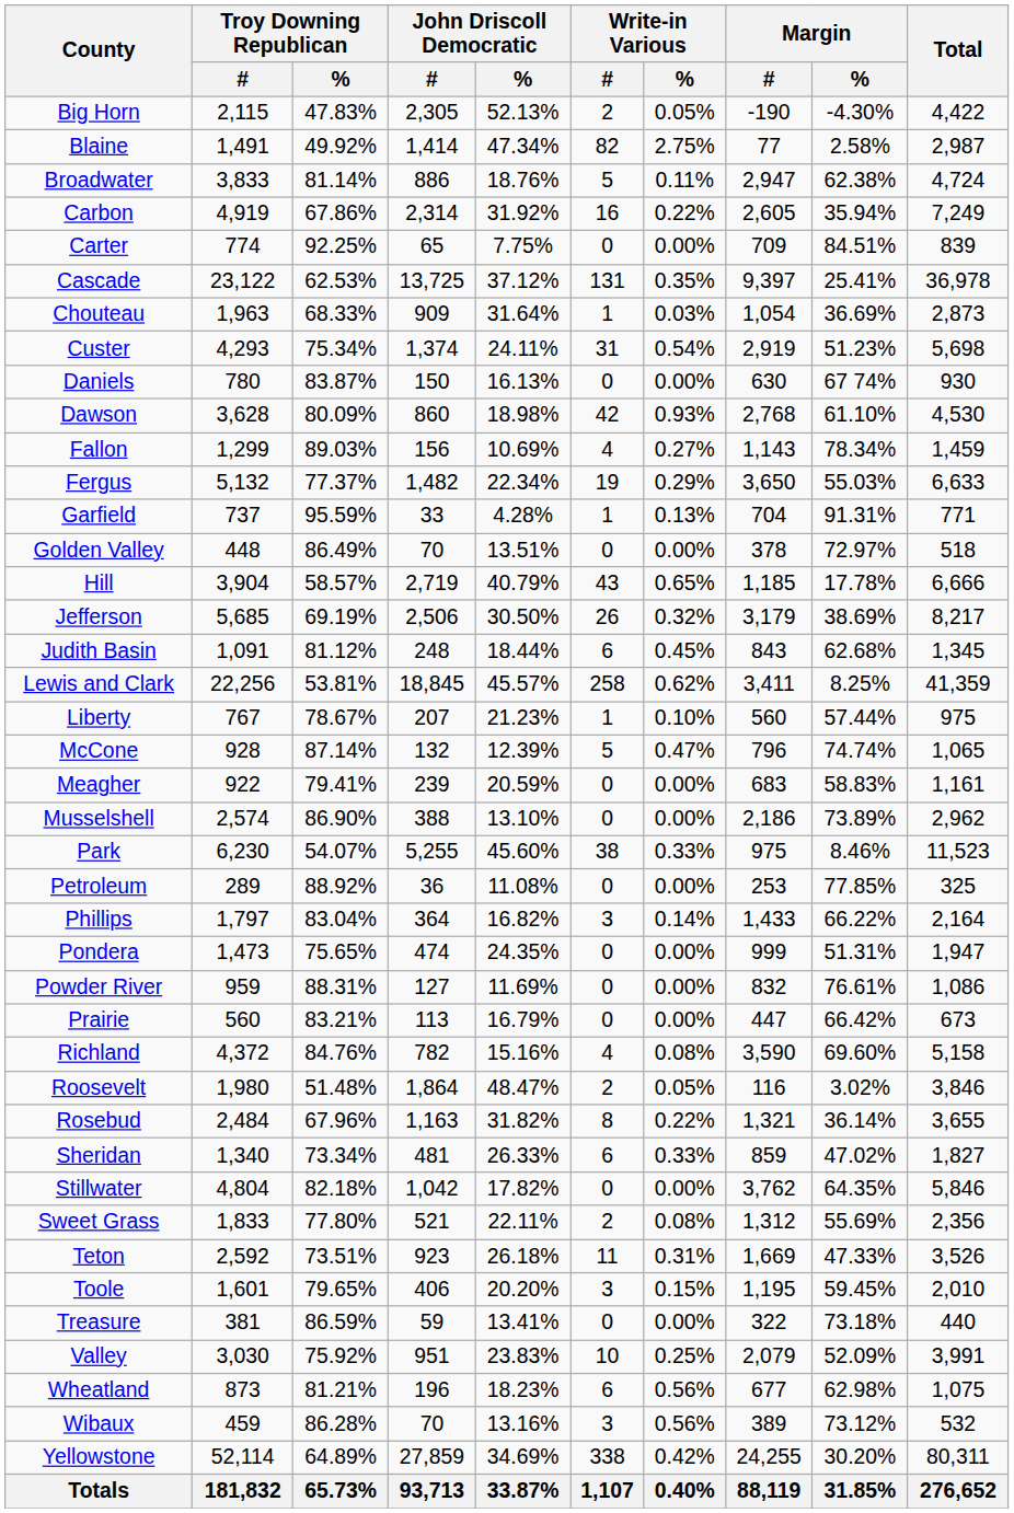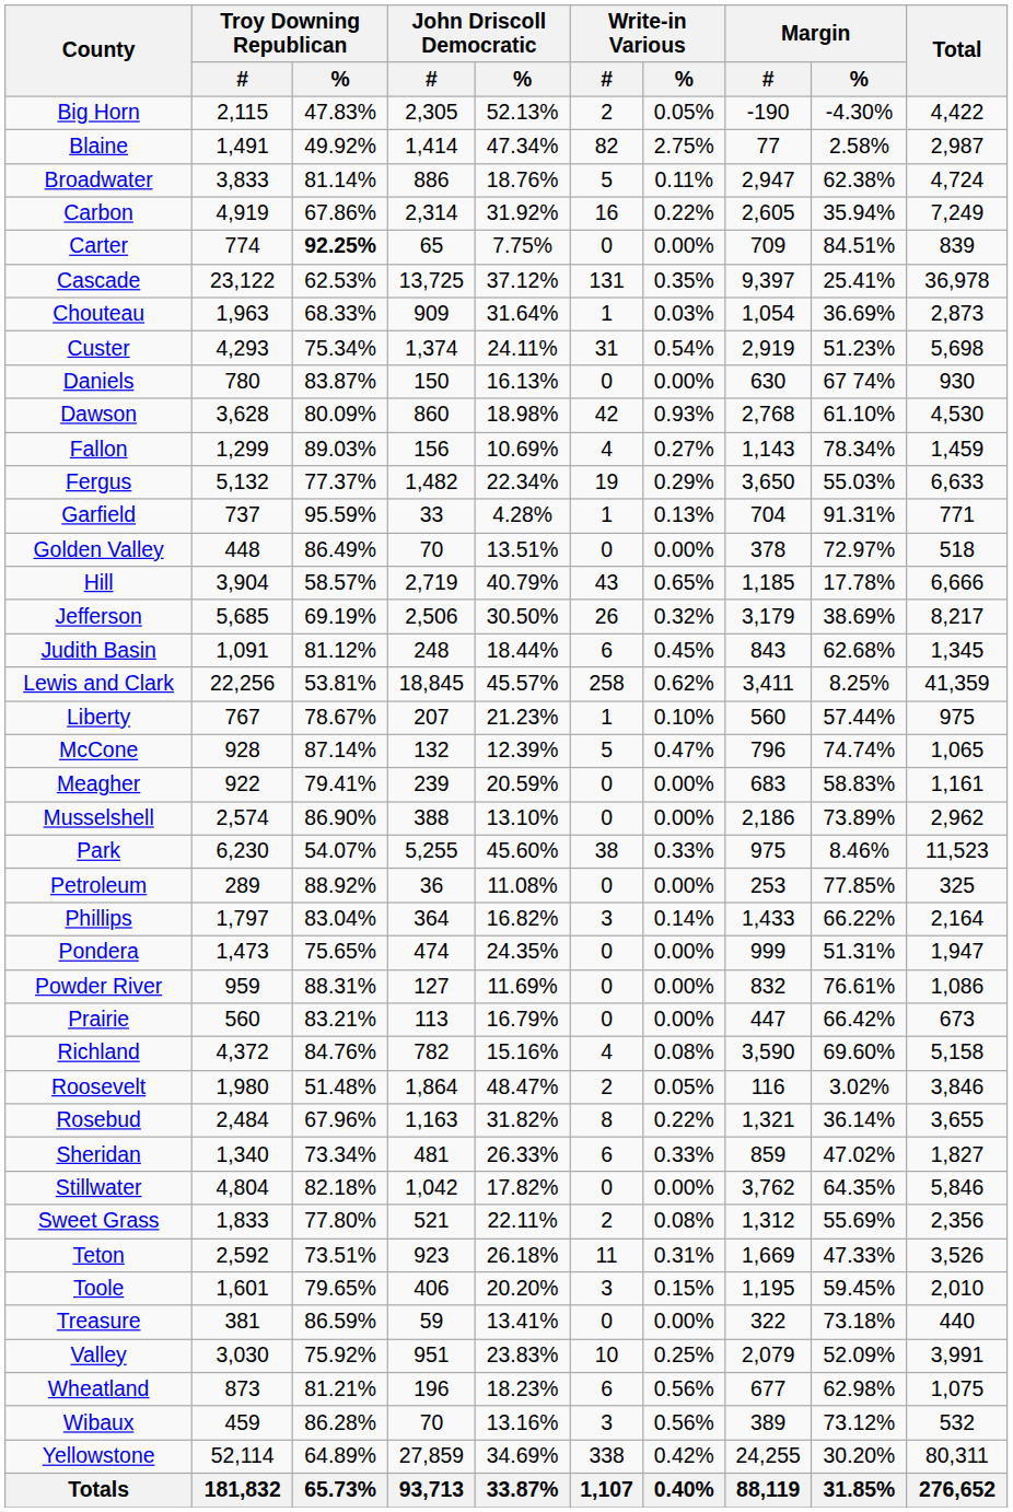 <table width="60%"  class="wikitable sortable" style="text-align:center">
 <tr>
 <th rowspan="2">County</th>
 <th colspan="2">Troy Downing<br>Republican</th>
 <th colspan="2">John Driscoll<br>Democratic</th>
 <th colspan="2">Write-in<br>Various</th>
 <th colspan="2">Margin</th>
 <th rowspan="2">Total</th>
 </tr>
 <tr>
 <th style="text-align:center;" data-sort-type="number">#</th>
 <th style="text-align:center;" data-sort-type="number">%</th>
 <th style="text-align:center;" data-sort-type="number">#</th>
 <th style="text-align:center;" data-sort-type="number">%</th>
 <th style="text-align:center;" data-sort-type="number">#</th>
 <th style="text-align:center;" data-sort-type="number">%</th>
 <th style="text-align:center;" data-sort-type="number">#</th>
 <th style="text-align:center;" data-sort-type="number">%</th>
 </tr>
 <tr style="text-align:center;">
 <td><a href='#'>Big Horn</a></td>
 <td>2,115</td>
 <td>47.83%</td>
 <td>2,305</td>
 <td>52.13%</td>
 <td>2</td>
 <td>0.05%</td>
 <td>-190</td>
 <td>-4.30%</td>
 <td>4,422</td>
 </tr>
 <tr style="text-align:center;">
 <td><a href='#'>Blaine</a></td>
 <td>1,491</td>
 <td>49.92%</td>
 <td>1,414</td>
 <td>47.34%</td>
 <td>82</td>
 <td>2.75%</td>
 <td>77</td>
 <td>2.58%</td>
 <td>2,987</td>
 </tr>
 <tr style="text-align:center;">
 <td><a href='#'>Broadwater</a></td>
 <td>3,833</td>
 <td>81.14%</td>
 <td>886</td>
 <td>18.76%</td>
 <td>5</td>
 <td>0.11%</td>
 <td>2,947</td>
 <td>62.38%</td>
 <td>4,724</td>
 </tr>
 <tr style="text-align:center;">
 <td><a href='#'>Carbon</a></td>
 <td>4,919</td>
 <td>67.86%</td>
 <td>2,314</td>
 <td>31.92%</td>
 <td>16</td>
 <td>0.22%</td>
 <td>2,605</td>
 <td>35.94%</td>
 <td>7,249</td>
 </tr>
 <tr style="text-align:center;">
 <td><a href='#'>Carter</a></td>
 <td>774</td>
-<td>92.25%</td>
+<td><strong>92.25%</strong></td>
 <td>65</td>
 <td>7.75%</td>
 <td>0</td>
 <td>0.00%</td>
 <td>709</td>
 <td>84.51%</td>
 <td>839</td>
 </tr>
 <tr style="text-align:center;">
 <td><a href='#'>Cascade</a></td>
 <td>23,122</td>
 <td>62.53%</td>
 <td>13,725</td>
 <td>37.12%</td>
 <td>131</td>
 <td>0.35%</td>
 <td>9,397</td>
 <td>25.41%</td>
 <td>36,978</td>
 </tr>
 <tr style="text-align:center;">
 <td><a href='#'>Chouteau</a></td>
 <td>1,963</td>
 <td>68.33%</td>
 <td>909</td>
 <td>31.64%</td>
 <td>1</td>
 <td>0.03%</td>
 <td>1,054</td>
 <td>36.69%</td>
 <td>2,873</td>
 </tr>
 <tr style="text-align:center;">
 <td><a href='#'>Custer</a></td>
 <td>4,293</td>
 <td>75.34%</td>
 <td>1,374</td>
 <td>24.11%</td>
 <td>31</td>
 <td>0.54%</td>
 <td>2,919</td>
 <td>51.23%</td>
 <td>5,698</td>
 </tr>
 <tr style="text-align:center;">
 <td><a href='#'>Daniels</a></td>
 <td>780</td>
 <td>83.87%</td>
 <td>150</td>
 <td>16.13%</td>
 <td>0</td>
 <td>0.00%</td>
 <td>630</td>
 <td>67 74%</td>
 <td>930</td>
 </tr>
 <tr style="text-align:center;">
 <td><a href='#'>Dawson</a></td>
 <td>3,628</td>
 <td>80.09%</td>
 <td>860</td>
 <td>18.98%</td>
 <td>42</td>
 <td>0.93%</td>
 <td>2,768</td>
 <td>61.10%</td>
 <td>4,530</td>
 </tr>
 <tr style="text-align:center;">
 <td><a href='#'>Fallon</a></td>
 <td>1,299</td>
 <td>89.03%</td>
 <td>156</td>
 <td>10.69%</td>
 <td>4</td>
 <td>0.27%</td>
 <td>1,143</td>
 <td>78.34%</td>
 <td>1,459</td>
 </tr>
 <tr style="text-align:center;">
 <td><a href='#'>Fergus</a></td>
 <td>5,132</td>
 <td>77.37%</td>
 <td>1,482</td>
 <td>22.34%</td>
 <td>19</td>
 <td>0.29%</td>
 <td>3,650</td>
 <td>55.03%</td>
 <td>6,633</td>
 </tr>
 <tr style="text-align:center;">
 <td><a href='#'>Garfield</a></td>
 <td>737</td>
 <td>95.59%</td>
 <td>33</td>
 <td>4.28%</td>
 <td>1</td>
 <td>0.13%</td>
 <td>704</td>
 <td>91.31%</td>
 <td>771</td>
 </tr>
 <tr style="text-align:center;">
 <td><a href='#'>Golden Valley</a></td>
 <td>448</td>
 <td>86.49%</td>
 <td>70</td>
 <td>13.51%</td>
 <td>0</td>
 <td>0.00%</td>
 <td>378</td>
 <td>72.97%</td>
 <td>518</td>
 </tr>
 <tr style="text-align:center;">
 <td><a href='#'>Hill</a></td>
 <td>3,904</td>
 <td>58.57%</td>
 <td>2,719</td>
 <td>40.79%</td>
 <td>43</td>
 <td>0.65%</td>
 <td>1,185</td>
 <td>17.78%</td>
 <td>6,666</td>
 </tr>
 <tr style="text-align:center;">
 <td><a href='#'>Jefferson</a></td>
 <td>5,685</td>
 <td>69.19%</td>
 <td>2,506</td>
 <td>30.50%</td>
 <td>26</td>
 <td>0.32%</td>
 <td>3,179</td>
 <td>38.69%</td>
 <td>8,217</td>
 </tr>
 <tr style="text-align:center;">
 <td><a href='#'>Judith Basin</a></td>
 <td>1,091</td>
 <td>81.12%</td>
 <td>248</td>
 <td>18.44%</td>
 <td>6</td>
 <td>0.45%</td>
 <td>843</td>
 <td>62.68%</td>
 <td>1,345</td>
 </tr>
 <tr style="text-align:center;">
 <td><a href='#'>Lewis and Clark</a></td>
 <td>22,256</td>
 <td>53.81%</td>
 <td>18,845</td>
 <td>45.57%</td>
 <td>258</td>
 <td>0.62%</td>
 <td>3,411</td>
 <td>8.25%</td>
 <td>41,359</td>
 </tr>
 <tr style="text-align:center;">
 <td><a href='#'>Liberty</a></td>
 <td>767</td>
 <td>78.67%</td>
 <td>207</td>
 <td>21.23%</td>
 <td>1</td>
 <td>0.10%</td>
 <td>560</td>
 <td>57.44%</td>
 <td>975</td>
 </tr>
 <tr style="text-align:center;">
 <td><a href='#'>McCone</a></td>
 <td>928</td>
 <td>87.14%</td>
 <td>132</td>
 <td>12.39%</td>
 <td>5</td>
 <td>0.47%</td>
 <td>796</td>
 <td>74.74%</td>
 <td>1,065</td>
 </tr>
 <tr style="text-align:center;">
 <td><a href='#'>Meagher</a></td>
 <td>922</td>
 <td>79.41%</td>
 <td>239</td>
 <td>20.59%</td>
 <td>0</td>
 <td>0.00%</td>
 <td>683</td>
 <td>58.83%</td>
 <td>1,161</td>
 </tr>
 <tr style="text-align:center;">
 <td><a href='#'>Musselshell</a></td>
 <td>2,574</td>
 <td>86.90%</td>
 <td>388</td>
 <td>13.10%</td>
 <td>0</td>
 <td>0.00%</td>
 <td>2,186</td>
 <td>73.89%</td>
 <td>2,962</td>
 </tr>
 <tr style="text-align:center;">
 <td><a href='#'>Park</a></td>
 <td>6,230</td>
 <td>54.07%</td>
 <td>5,255</td>
 <td>45.60%</td>
 <td>38</td>
 <td>0.33%</td>
 <td>975</td>
 <td>8.46%</td>
 <td>11,523</td>
 </tr>
 <tr style="text-align:center;">
 <td><a href='#'>Petroleum</a></td>
 <td>289</td>
 <td>88.92%</td>
 <td>36</td>
 <td>11.08%</td>
 <td>0</td>
 <td>0.00%</td>
 <td>253</td>
 <td>77.85%</td>
 <td>325</td>
 </tr>
 <tr style="text-align:center;">
 <td><a href='#'>Phillips</a></td>
 <td>1,797</td>
 <td>83.04%</td>
 <td>364</td>
 <td>16.82%</td>
 <td>3</td>
 <td>0.14%</td>
 <td>1,433</td>
 <td>66.22%</td>
 <td>2,164</td>
 </tr>
 <tr style="text-align:center;">
 <td><a href='#'>Pondera</a></td>
 <td>1,473</td>
 <td>75.65%</td>
 <td>474</td>
 <td>24.35%</td>
 <td>0</td>
 <td>0.00%</td>
 <td>999</td>
 <td>51.31%</td>
 <td>1,947</td>
 </tr>
 <tr style="text-align:center;">
 <td><a href='#'>Powder River</a></td>
 <td>959</td>
 <td>88.31%</td>
 <td>127</td>
 <td>11.69%</td>
 <td>0</td>
 <td>0.00%</td>
 <td>832</td>
 <td>76.61%</td>
 <td>1,086</td>
 </tr>
 <tr style="text-align:center;">
 <td><a href='#'>Prairie</a></td>
 <td>560</td>
 <td>83.21%</td>
 <td>113</td>
 <td>16.79%</td>
 <td>0</td>
 <td>0.00%</td>
 <td>447</td>
 <td>66.42%</td>
 <td>673</td>
 </tr>
 <tr style="text-align:center;">
 <td><a href='#'>Richland</a></td>
 <td>4,372</td>
 <td>84.76%</td>
 <td>782</td>
 <td>15.16%</td>
 <td>4</td>
 <td>0.08%</td>
 <td>3,590</td>
 <td>69.60%</td>
 <td>5,158</td>
 </tr>
 <tr style="text-align:center;">
 <td><a href='#'>Roosevelt</a></td>
 <td>1,980</td>
 <td>51.48%</td>
 <td>1,864</td>
 <td>48.47%</td>
 <td>2</td>
 <td>0.05%</td>
 <td>116</td>
 <td>3.02%</td>
 <td>3,846</td>
 </tr>
 <tr style="text-align:center;">
 <td><a href='#'>Rosebud</a></td>
 <td>2,484</td>
 <td>67.96%</td>
 <td>1,163</td>
 <td>31.82%</td>
 <td>8</td>
 <td>0.22%</td>
 <td>1,321</td>
 <td>36.14%</td>
 <td>3,655</td>
 </tr>
 <tr style="text-align:center;">
 <td><a href='#'>Sheridan</a></td>
 <td>1,340</td>
 <td>73.34%</td>
 <td>481</td>
 <td>26.33%</td>
 <td>6</td>
 <td>0.33%</td>
 <td>859</td>
 <td>47.02%</td>
 <td>1,827</td>
 </tr>
 <tr style="text-align:center;">
 <td><a href='#'>Stillwater</a></td>
 <td>4,804</td>
 <td>82.18%</td>
 <td>1,042</td>
 <td>17.82%</td>
 <td>0</td>
 <td>0.00%</td>
 <td>3,762</td>
 <td>64.35%</td>
 <td>5,846</td>
 </tr>
 <tr style="text-align:center;">
 <td><a href='#'>Sweet Grass</a></td>
 <td>1,833</td>
 <td>77.80%</td>
 <td>521</td>
 <td>22.11%</td>
 <td>2</td>
 <td>0.08%</td>
 <td>1,312</td>
 <td>55.69%</td>
 <td>2,356</td>
 </tr>
 <tr style="text-align:center;">
 <td><a href='#'>Teton</a></td>
 <td>2,592</td>
 <td>73.51%</td>
 <td>923</td>
 <td>26.18%</td>
 <td>11</td>
 <td>0.31%</td>
 <td>1,669</td>
 <td>47.33%</td>
 <td>3,526</td>
 </tr>
 <tr style="text-align:center;">
 <td><a href='#'>Toole</a></td>
 <td>1,601</td>
 <td>79.65%</td>
 <td>406</td>
 <td>20.20%</td>
 <td>3</td>
 <td>0.15%</td>
 <td>1,195</td>
 <td>59.45%</td>
 <td>2,010</td>
 </tr>
 <tr style="text-align:center;">
 <td><a href='#'>Treasure</a></td>
 <td>381</td>
 <td>86.59%</td>
 <td>59</td>
 <td>13.41%</td>
 <td>0</td>
 <td>0.00%</td>
 <td>322</td>
 <td>73.18%</td>
 <td>440</td>
 </tr>
 <tr style="text-align:center;">
 <td><a href='#'>Valley</a></td>
 <td>3,030</td>
 <td>75.92%</td>
 <td>951</td>
 <td>23.83%</td>
 <td>10</td>
 <td>0.25%</td>
 <td>2,079</td>
 <td>52.09%</td>
 <td>3,991</td>
 </tr>
 <tr style="text-align:center;">
 <td><a href='#'>Wheatland</a></td>
 <td>873</td>
 <td>81.21%</td>
 <td>196</td>
 <td>18.23%</td>
 <td>6</td>
 <td>0.56%</td>
 <td>677</td>
 <td>62.98%</td>
 <td>1,075</td>
 </tr>
 <tr style="text-align:center;">
 <td><a href='#'>Wibaux</a></td>
 <td>459</td>
 <td>86.28%</td>
 <td>70</td>
 <td>13.16%</td>
 <td>3</td>
 <td>0.56%</td>
 <td>389</td>
 <td>73.12%</td>
 <td>532</td>
 </tr>
 <tr style="text-align:center;">
 <td><a href='#'>Yellowstone</a></td>
 <td>52,114</td>
 <td>64.89%</td>
 <td>27,859</td>
 <td>34.69%</td>
 <td>338</td>
 <td>0.42%</td>
 <td>24,255</td>
 <td>30.20%</td>
 <td>80,311</td>
 </tr>
 <tr style="text-align:center;">
 <th>Totals</th>
 <th>181,832</th>
 <th>65.73%</th>
 <th>93,713</th>
 <th>33.87%</th>
 <th>1,107</th>
 <th>0.40%</th>
 <th>88,119</th>
 <th>31.85%</th>
 <th>276,652</th>
 </tr>
 </table>
